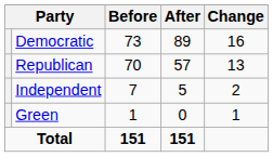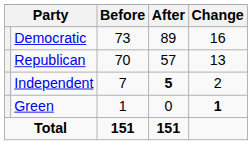 <table class="wikitable" style="text-align:center;">
 <tr>
 </tr>
 <tr>
 <th colspan=2>Party</th>
 <th>Before</th>
 <th>After</th>
 <th>Change</th>
 </tr>
 <tr>
 <th style="background-color:"></th>
 <td style="text-align:left;"><a href='#'>Democratic</a></td>
 <td>73</td>
 <td>89</td>
 <td> 16</td>
 </tr>
 <tr>
 <th style="background-color:"></th>
 <td style="text-align:left;"><a href='#'>Republican</a></td>
 <td>70</td>
 <td>57</td>
 <td> 13</td>
 </tr>
 <tr>
 <th style="background-color:"></th>
 <td style="text-align:left;"><a href='#'>Independent</a></td>
 <td>7</td>
-<td>5</td>
+<td><strong>5</strong></td>
 <td> 2</td>
 </tr>
 <tr>
 <th style="background-color:"></th>
 <td style="text-align:left;"><a href='#'>Green</a></td>
 <td>1</td>
 <td>0</td>
-<td> 1</td>
+<td><strong> 1</strong></td>
 </tr>
 <tr>
 <td colspan=2><strong>Total</strong></td>
 <td><strong>151</strong></td>
 <td><strong>151</strong></td>
 <td></td>
 </tr>
 </table>
